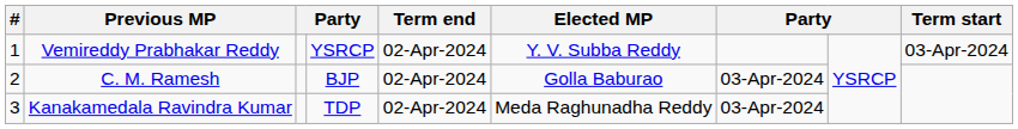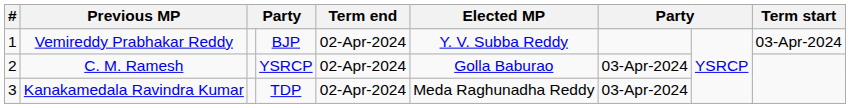 <table class="wikitable" style="text-align:center;">
 <tr>
 <th>#</th>
 <th>Previous MP</th>
 <th colspan="2">Party</th>
 <th>Term end</th>
 <th>Elected MP</th>
 <th colspan="2">Party</th>
 <th>Term start</th>
 </tr>
 <tr>
 <td>1</td>
 <td><a href='#'>Vemireddy Prabhakar Reddy</a></td>
 <td></td>
-<td><a href='#'>YSRCP</a></td>
+<td><a href='#'>BJP</a></td>
 <td>02-Apr-2024</td>
 <td><a href='#'>Y. V. Subba Reddy</a></td>
 <td></td>
 <td rowspan=3><a href='#'>YSRCP</a></td>
 <td>03-Apr-2024</td>
 </tr>
 <tr>
 <td>2</td>
 <td><a href='#'>C. M. Ramesh</a></td>
 <td width="1px"></td>
-<td><a href='#'>BJP</a></td>
+<td><a href='#'>YSRCP</a></td>
 <td>02-Apr-2024</td>
 <td><a href='#'>Golla Baburao</a></td>
 <td>03-Apr-2024</td>
 </tr>
 <tr>
 <td>3</td>
 <td><a href='#'>Kanakamedala Ravindra Kumar</a></td>
 <td width="1px"></td>
 <td><a href='#'>TDP</a></td>
 <td>02-Apr-2024</td>
 <td>Meda Raghunadha Reddy</td>
 <td>03-Apr-2024</td>
 </tr>
 </table>
